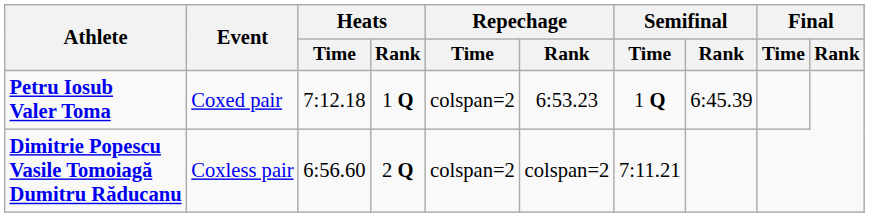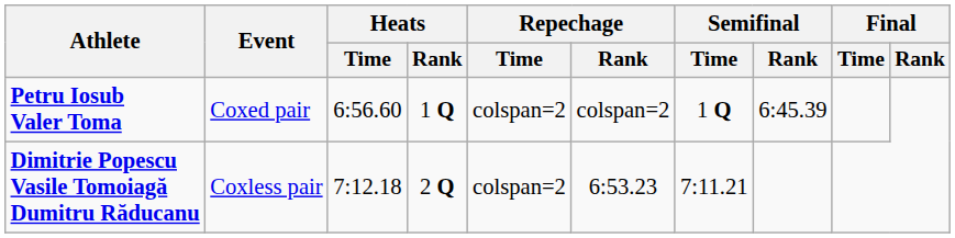 <table class="wikitable" style="font-size:90%">
 <tr>
 <th rowspan="2">Athlete</th>
 <th rowspan="2">Event</th>
 <th colspan="2">Heats</th>
 <th colspan="2">Repechage</th>
 <th colspan="2">Semifinal</th>
 <th colspan="2">Final</th>
 </tr>
 <tr style="font-size:95%">
 <th>Time</th>
 <th>Rank</th>
 <th>Time</th>
 <th>Rank</th>
 <th>Time</th>
 <th>Rank</th>
 <th>Time</th>
 <th>Rank</th>
 </tr>
 <tr align=center>
 <td align=left><strong><a href='#'>Petru Iosub</a><br><a href='#'>Valer Toma</a></strong></td>
 <td align=left><a href='#'>Coxed pair</a></td>
-<td>7:12.18</td>
+<td>6:56.60</td>
 <td>1 <strong>Q</strong></td>
 <td>colspan=2 </td>
-<td>6:53.23</td>
+<td>colspan=2 </td>
 <td>1 <strong>Q</strong></td>
 <td>6:45.39</td>
 <td></td>
 </tr>
 <tr align=center>
 <td align=left><strong><a href='#'>Dimitrie Popescu</a><br><a href='#'>Vasile Tomoiagă</a><br><a href='#'>Dumitru Răducanu</a></strong></td>
 <td align=left><a href='#'>Coxless pair</a></td>
-<td>6:56.60</td>
+<td>7:12.18</td>
 <td>2 <strong>Q</strong></td>
 <td>colspan=2 </td>
-<td>colspan=2 </td>
+<td>6:53.23</td>
 <td>7:11.21</td>
 <td></td>
 </tr>
 </table>
